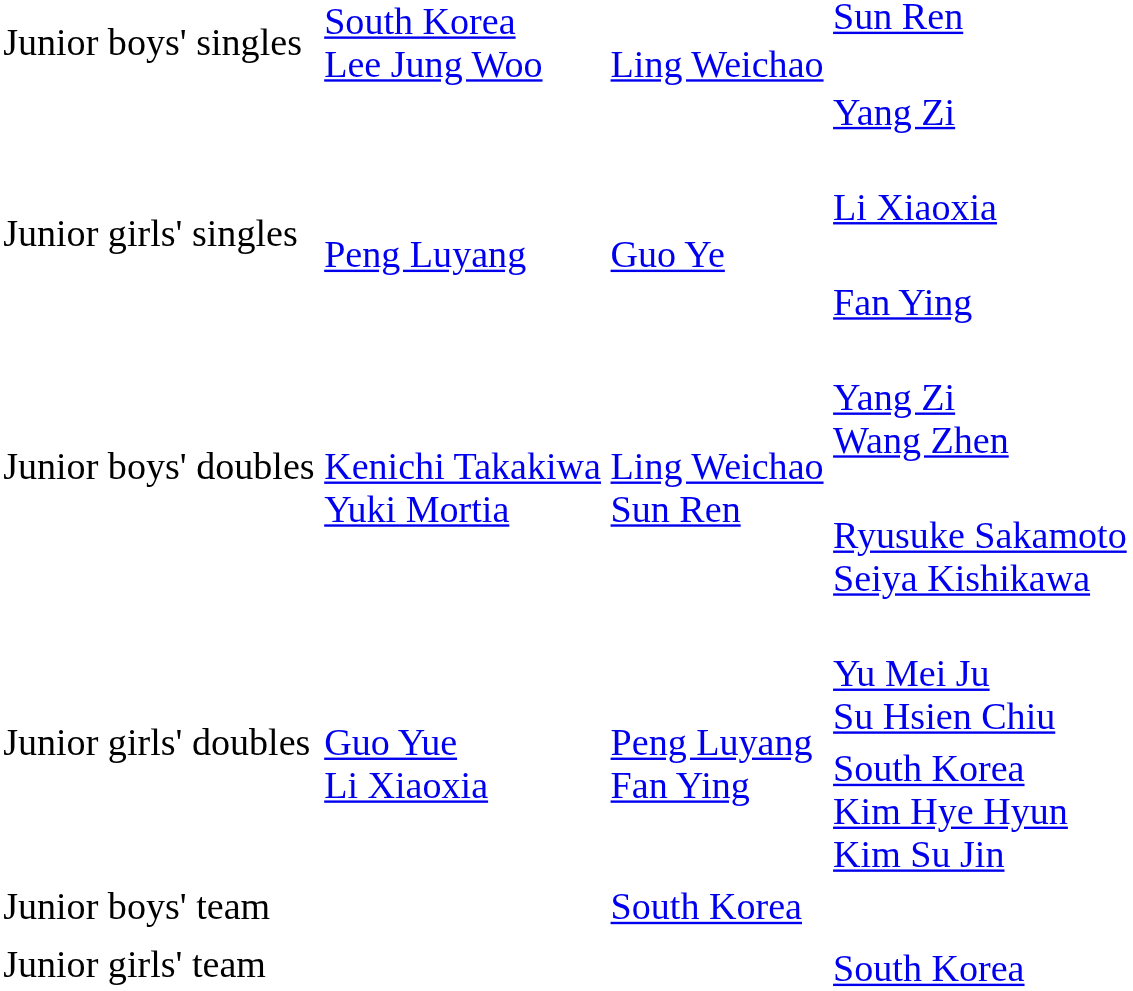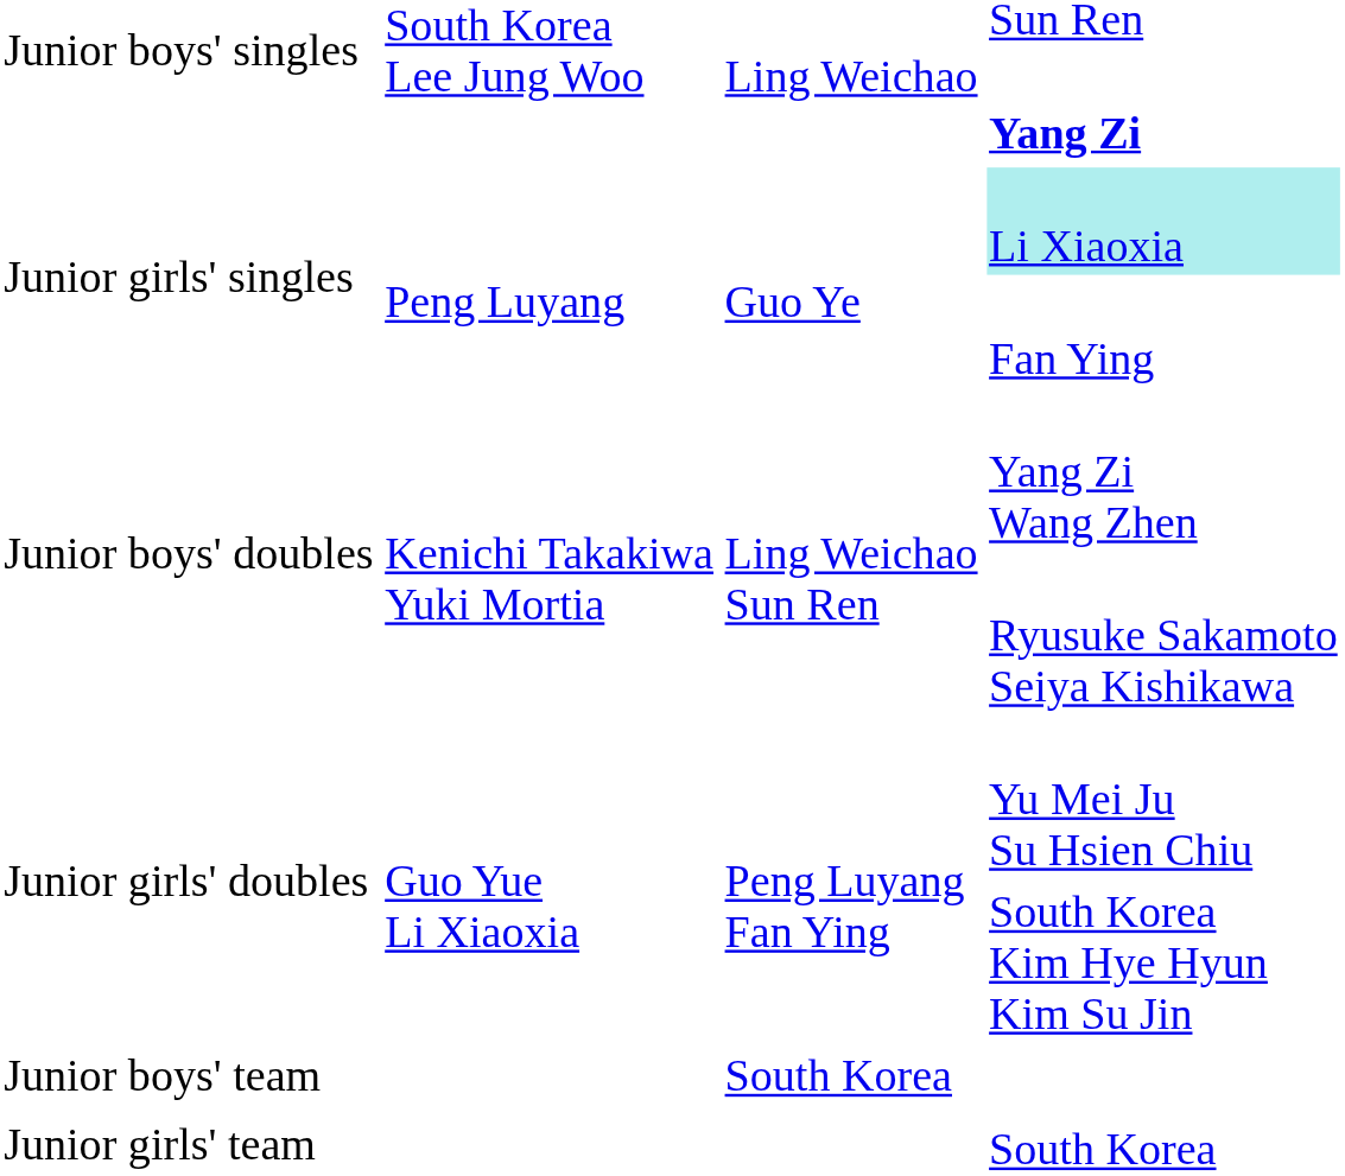 <table>
 <tr>
 <td rowspan=2>Junior boys' singles</td>
 <td rowspan=2> <a href='#'>South Korea</a><br><a href='#'>Lee Jung Woo</a></td>
 <td rowspan=2><br><a href='#'>Ling Weichao</a></td>
 <td><br><a href='#'>Sun Ren</a></td>
 </tr>
 <tr>
-<td><br><a href='#'>Yang Zi</a></td>
+<td><strong><br><a href='#'>Yang Zi</a></strong></td>
 </tr>
 <tr>
 <td rowspan=2>Junior girls' singles</td>
 <td rowspan=2><br><a href='#'>Peng Luyang</a></td>
 <td rowspan=2><br><a href='#'>Guo Ye</a></td>
-<td><br><a href='#'>Li Xiaoxia</a></td>
+<td style="background: paleturquoise;"><br><a href='#'>Li Xiaoxia</a></td>
 </tr>
 <tr>
 <td><br><a href='#'>Fan Ying</a></td>
 </tr>
 <tr>
 <td rowspan=2>Junior boys' doubles</td>
 <td rowspan=2><br><a href='#'>Kenichi Takakiwa</a><br><a href='#'>Yuki Mortia</a></td>
 <td rowspan=2><br><a href='#'>Ling Weichao</a><br><a href='#'>Sun Ren</a></td>
 <td><br><a href='#'>Yang Zi</a><br><a href='#'>Wang Zhen</a></td>
 </tr>
 <tr>
 <td><br><a href='#'>Ryusuke Sakamoto</a><br><a href='#'>Seiya Kishikawa</a></td>
 </tr>
 <tr>
 <td rowspan=2>Junior girls' doubles</td>
 <td rowspan=2><br><a href='#'>Guo Yue</a><br><a href='#'>Li Xiaoxia</a></td>
 <td rowspan=2><br><a href='#'>Peng Luyang</a><br><a href='#'>Fan Ying</a></td>
 <td><br><a href='#'>Yu Mei Ju</a><br><a href='#'>Su Hsien Chiu</a></td>
 </tr>
 <tr>
 <td> <a href='#'>South Korea</a><br><a href='#'>Kim Hye Hyun</a><br><a href='#'>Kim Su Jin</a></td>
 </tr>
 <tr>
 <td rowspan=2>Junior boys' team</td>
 <td rowspan=2></td>
 <td rowspan=2> <a href='#'>South Korea</a></td>
 <td></td>
 </tr>
 <tr>
 <td></td>
 </tr>
 <tr>
 <td rowspan=2>Junior girls' team</td>
 <td rowspan=2></td>
 <td rowspan=2></td>
 <td></td>
 </tr>
 <tr>
 <td> <a href='#'>South Korea</a></td>
 </tr>
 </table>
